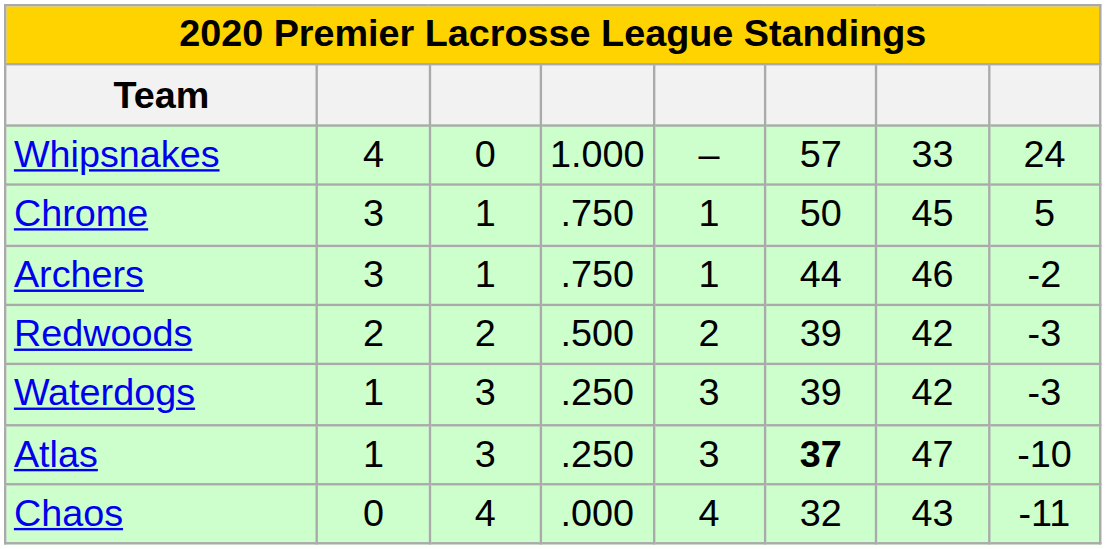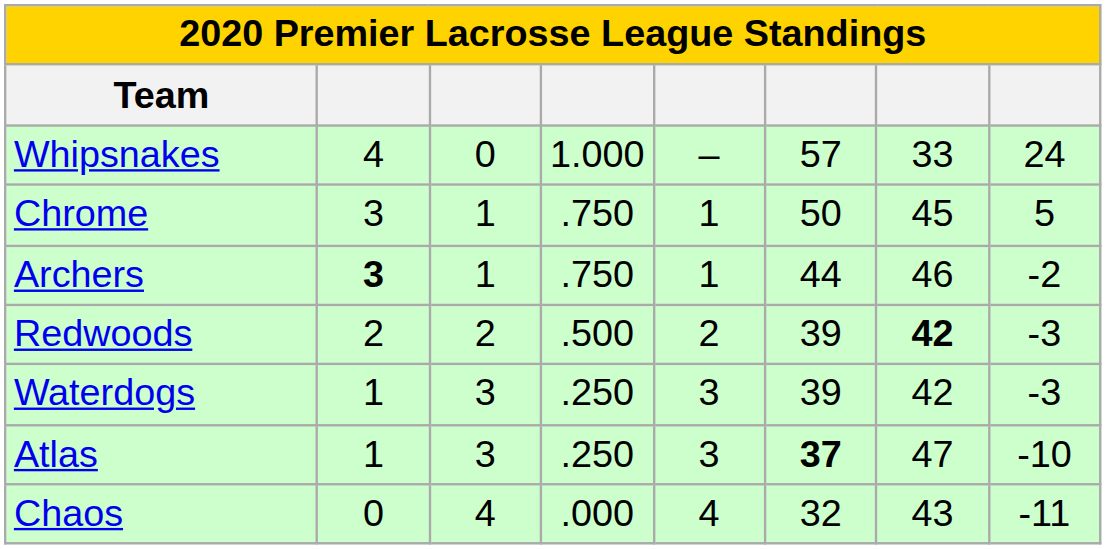 <table class="wikitable" style="text-align:center">
 <tr>
 <th colspan=19 style="background-color:#FFD300;color:#000000;">2020 Premier Lacrosse League Standings</th>
 </tr>
 <tr>
 <th width="125">Team</th>
 <th width="40"></th>
 <th width="40"></th>
 <th width="40"></th>
 <th width="40"></th>
 <th width="40"></th>
 <th width="40"></th>
 <th width="40"></th>
 </tr>
 <tr bgcolor="ccffcc">
 <td style="text-align:left;"><a href='#'>Whipsnakes</a></td>
 <td>4</td>
 <td>0</td>
 <td>1.000</td>
 <td>–</td>
 <td>57</td>
 <td>33</td>
 <td>24</td>
 </tr>
 <tr bgcolor="ccffcc">
 <td style="text-align:left;"><a href='#'>Chrome</a></td>
 <td>3</td>
 <td>1</td>
 <td>.750</td>
 <td>1</td>
 <td>50</td>
 <td>45</td>
 <td>5</td>
 </tr>
 <tr bgcolor="ccffcc">
 <td style="text-align:left;"><a href='#'>Archers</a></td>
-<td>3</td>
+<td><strong>3</strong></td>
 <td>1</td>
 <td>.750</td>
 <td>1</td>
 <td>44</td>
 <td>46</td>
 <td>-2</td>
 </tr>
 <tr bgcolor="ccffcc">
 <td style="text-align:left;"><a href='#'>Redwoods</a></td>
 <td>2</td>
 <td>2</td>
 <td>.500</td>
 <td>2</td>
 <td>39</td>
-<td>42</td>
+<td><strong>42</strong></td>
 <td>-3</td>
 </tr>
 <tr bgcolor="ccffcc">
 <td style="text-align:left;"><a href='#'>Waterdogs</a></td>
 <td>1</td>
 <td>3</td>
 <td>.250</td>
 <td>3</td>
 <td>39</td>
 <td>42</td>
 <td>-3</td>
 </tr>
 <tr bgcolor="ccffcc">
 <td style="text-align:left;"><a href='#'>Atlas</a></td>
 <td>1</td>
 <td>3</td>
 <td>.250</td>
 <td>3</td>
 <td><strong>37</strong></td>
 <td>47</td>
 <td>-10</td>
 </tr>
 <tr bgcolor="ccffcc">
 <td style="text-align:left;"><a href='#'>Chaos</a></td>
 <td>0</td>
 <td>4</td>
 <td>.000</td>
 <td>4</td>
 <td>32</td>
 <td>43</td>
 <td>-11</td>
 </tr>
 </table>
